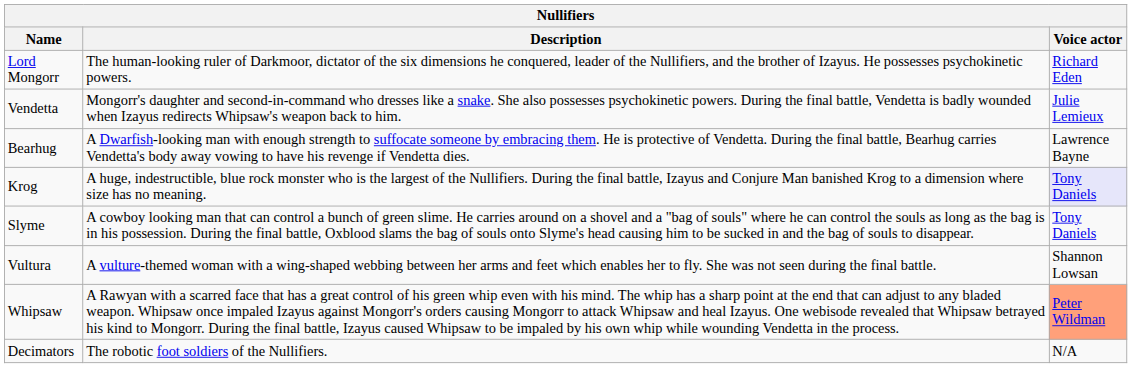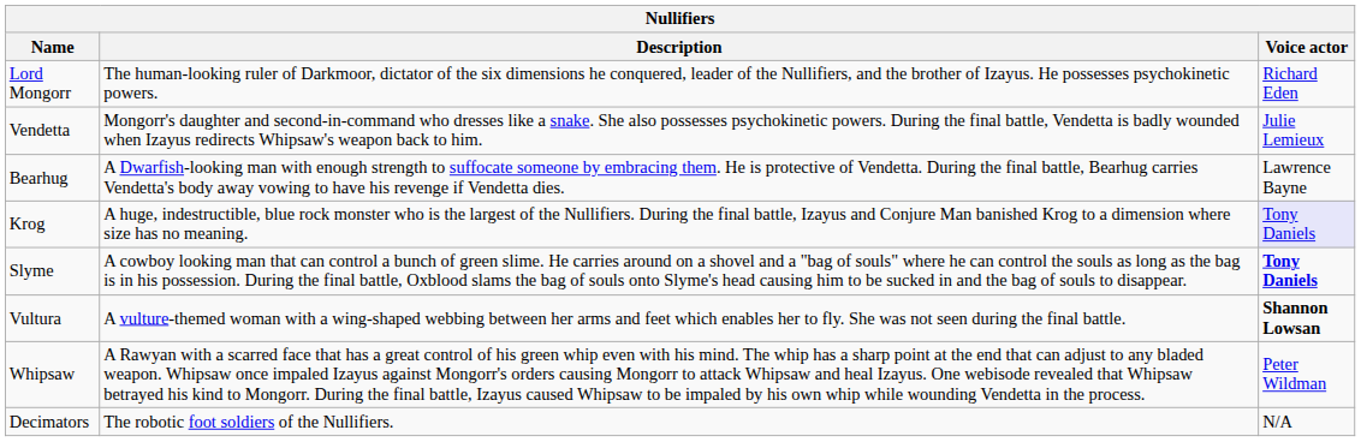 <table class="wikitable">
 <tr>
 <th colspan=6>Nullifiers</th>
 </tr>
 <tr>
 <th>Name</th>
 <th>Description</th>
 <th>Voice actor</th>
 </tr>
 <tr>
 <td><a href='#'>Lord</a> Mongorr</td>
 <td>The human-looking ruler of Darkmoor, dictator of the six dimensions he conquered, leader of the Nullifiers, and the brother of Izayus. He possesses psychokinetic powers.</td>
 <td><a href='#'>Richard Eden</a></td>
 </tr>
 <tr>
 <td>Vendetta</td>
 <td>Mongorr's daughter and second-in-command who dresses like a <a href='#'>snake</a>. She also possesses psychokinetic powers. During the final battle, Vendetta is badly wounded when Izayus redirects Whipsaw's weapon back to him.</td>
 <td><a href='#'>Julie Lemieux</a></td>
 </tr>
 <tr>
 <td>Bearhug</td>
 <td>A <a href='#'>Dwarfish</a>-looking man with enough strength to <a href='#'>suffocate someone by embracing them</a>. He is protective of Vendetta. During the final battle, Bearhug carries Vendetta's body away vowing to have his revenge if Vendetta dies.</td>
 <td>Lawrence Bayne</td>
 </tr>
 <tr>
 <td>Krog</td>
 <td>A huge, indestructible, blue rock monster who is the largest of the Nullifiers. During the final battle, Izayus and Conjure Man banished Krog to a dimension where size has no meaning.</td>
 <td style="background: lavender;"><a href='#'>Tony Daniels</a></td>
 </tr>
 <tr>
 <td>Slyme</td>
 <td>A cowboy looking man that can control a bunch of green slime. He carries around on a shovel and a "bag of souls" where he can control the souls as long as the bag is in his possession. During the final battle, Oxblood slams the bag of souls onto Slyme's head causing him to be sucked in and the bag of souls to disappear.</td>
-<td><a href='#'>Tony Daniels</a></td>
+<td><strong><a href='#'>Tony Daniels</a></strong></td>
 </tr>
 <tr>
 <td>Vultura</td>
 <td>A <a href='#'>vulture</a>-themed woman with a wing-shaped webbing between her arms and feet which enables her to fly. She was not seen during the final battle.</td>
-<td>Shannon Lowsan</td>
+<td><strong>Shannon Lowsan</strong></td>
 </tr>
 <tr>
 <td>Whipsaw</td>
 <td>A Rawyan with a scarred face that has a great control of his green whip even with his mind. The whip has a sharp point at the end that can adjust to any bladed weapon. Whipsaw once impaled Izayus against Mongorr's orders causing Mongorr to attack Whipsaw and heal Izayus. One webisode revealed that Whipsaw betrayed his kind to Mongorr. During the final battle, Izayus caused Whipsaw to be impaled by his own whip while wounding Vendetta in the process.</td>
-<td style="background: lightsalmon;"><a href='#'>Peter Wildman</a></td>
+<td><a href='#'>Peter Wildman</a></td>
 </tr>
 <tr>
 <td>Decimators</td>
 <td>The robotic <a href='#'>foot soldiers</a> of the Nullifiers.</td>
 <td>N/A</td>
 </tr>
 </table>
